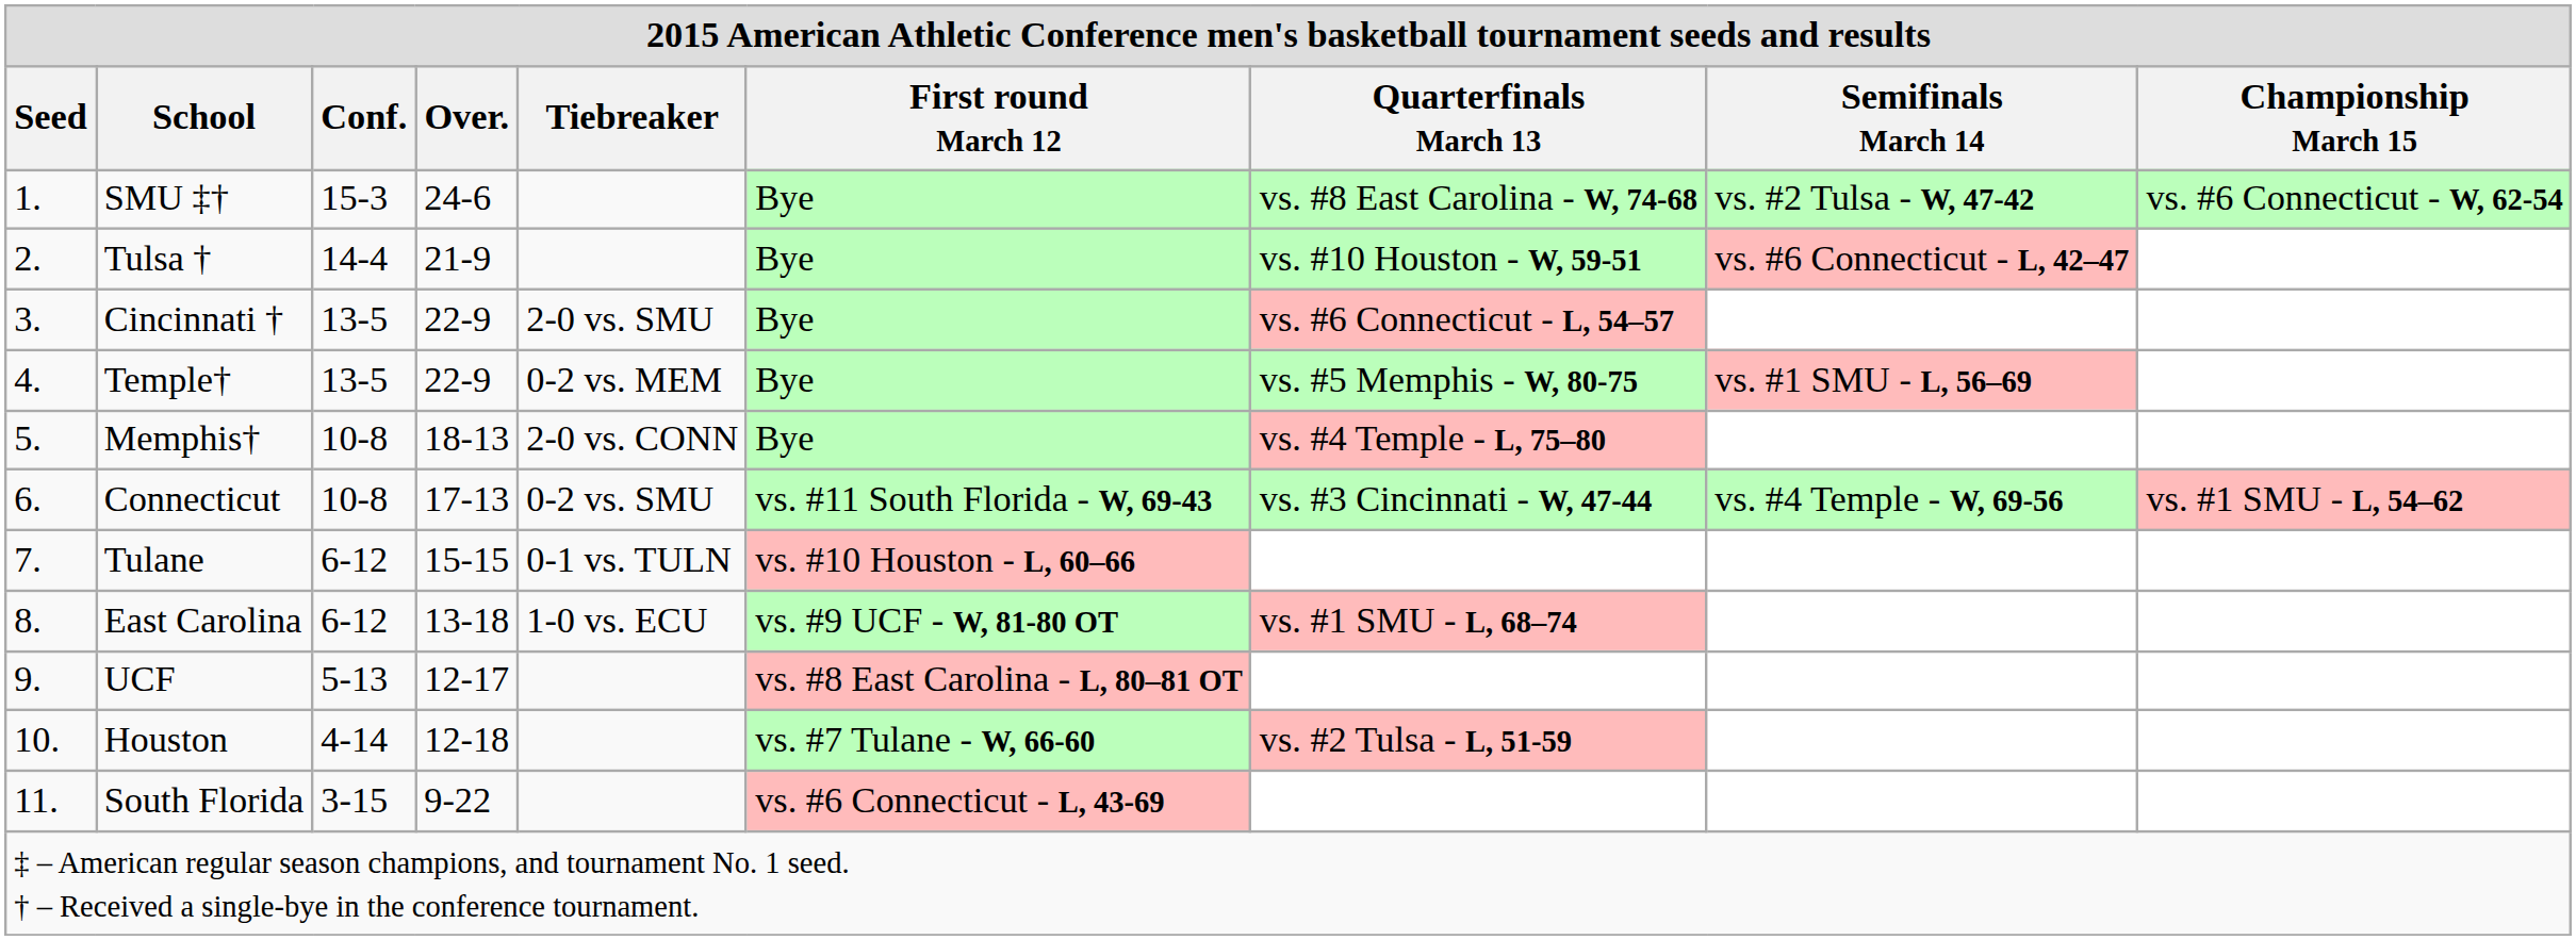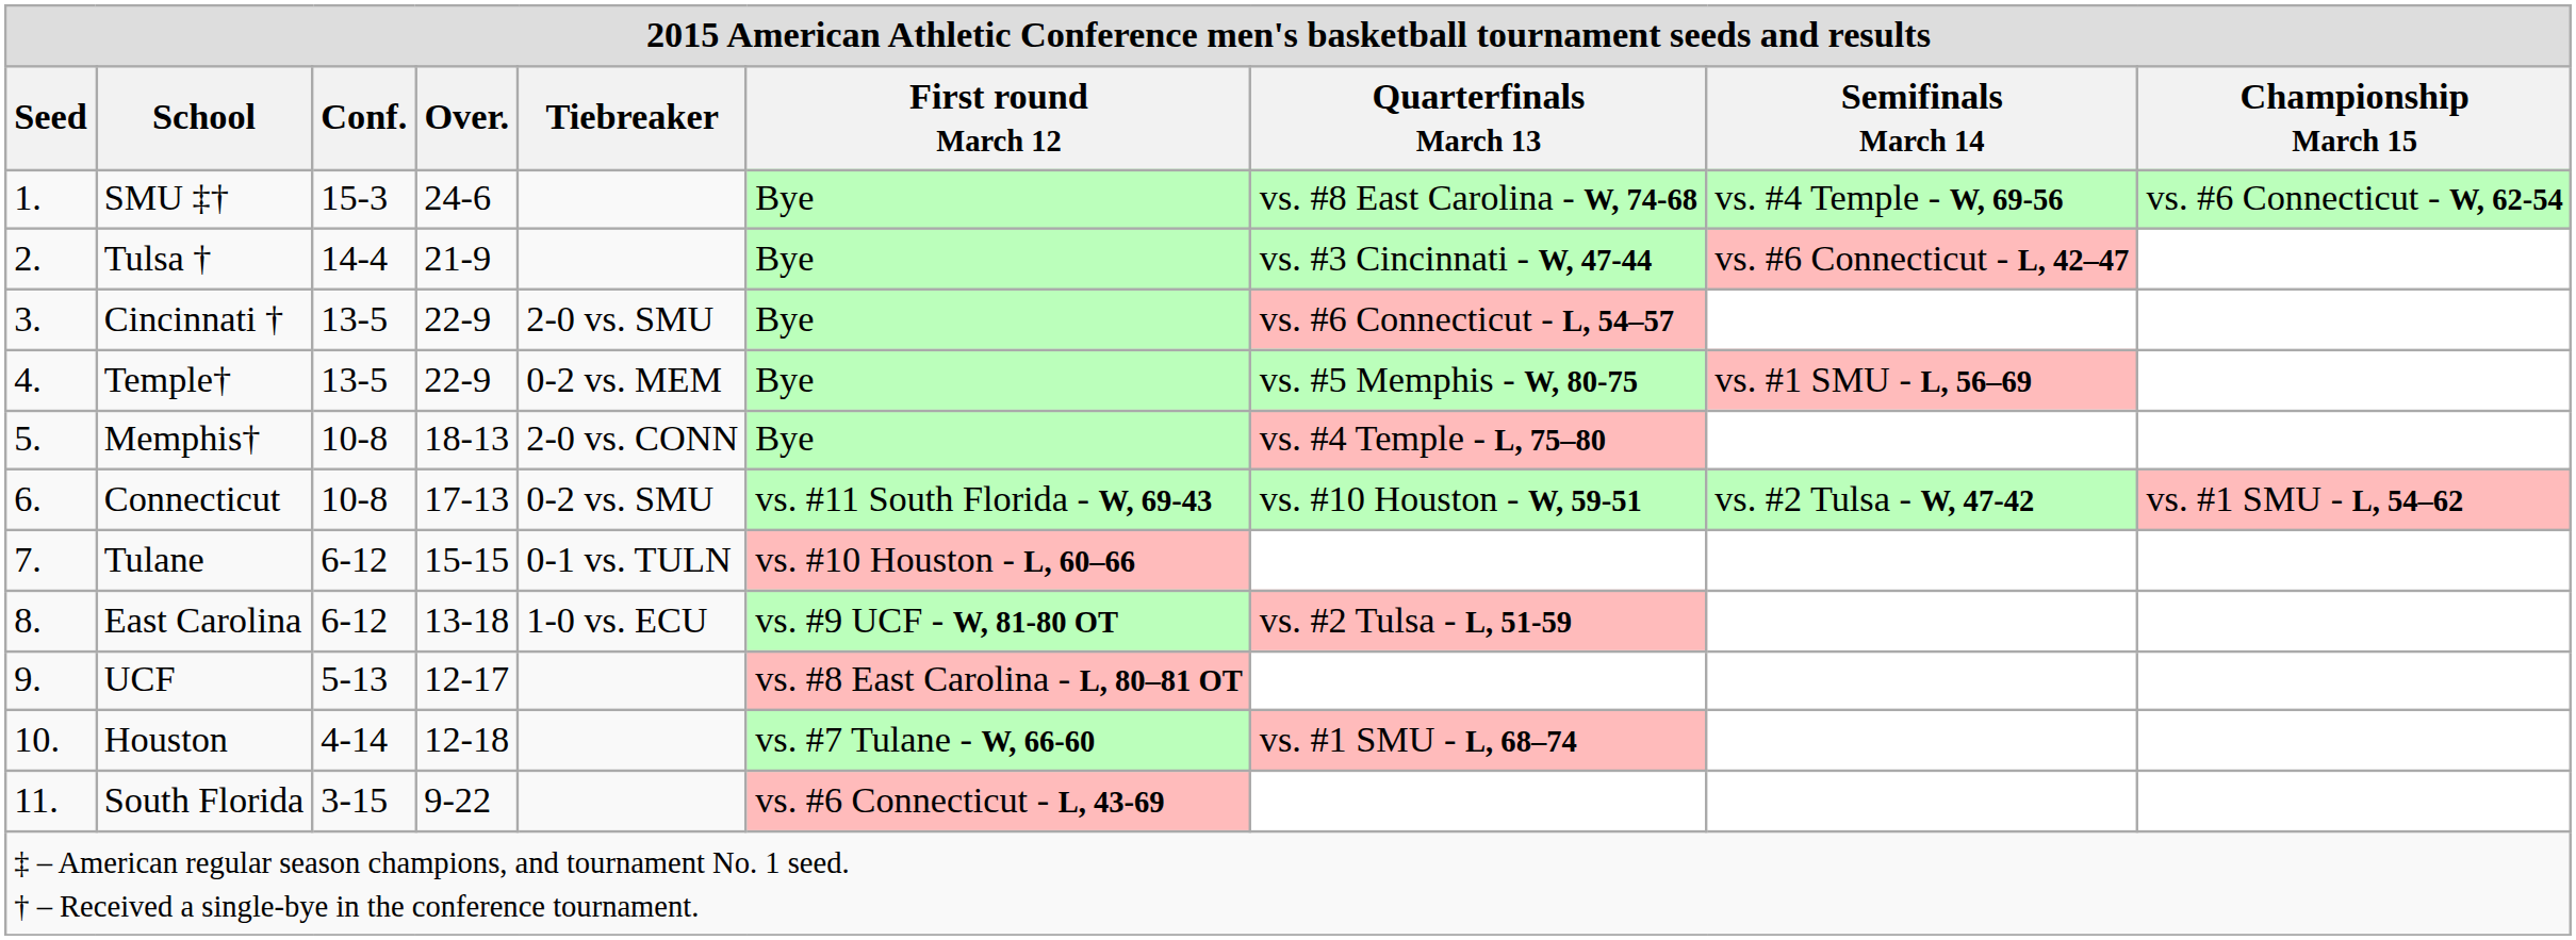 <table class="wikitable" style="white-space:nowrap; font-size:90%;">
 <tr>
 <td colspan="10" style="text-align:center; background:#DDDDDD; font:#000000"><strong>2015 American Athletic Conference men's basketball tournament seeds and results</strong></td>
 </tr>
 <tr bgcolor="#efefef">
 <th>Seed</th>
 <th>School</th>
 <th>Conf.</th>
 <th>Over.</th>
 <th>Tiebreaker</th>
 <th>First round<br><small>March 12</small></th>
 <th>Quarterfinals<br><small>March 13</small></th>
 <th>Semifinals<br><small>March 14</small></th>
 <th>Championship<br><small>March 15</small></th>
 </tr>
 <tr>
 <td>1.</td>
 <td>SMU ‡†</td>
 <td>15-3</td>
 <td>24-6</td>
 <td></td>
 <td style="background:#bfb;">Bye</td>
 <td style="background:#bfb;">vs. #8 East Carolina - <small><strong>W, 74-68</strong></small></td>
-<td style="background:#bfb;">vs. #2 Tulsa - <small><strong>W, 47-42</strong></small></td>
+<td style="background:#bfb;">vs. #4 Temple - <small><strong>W, 69-56</strong></small></td>
 <td style="background:#bfb;">vs. #6 Connecticut - <small><strong>W, 62-54</strong></small></td>
 </tr>
 <tr>
 <td>2.</td>
 <td>Tulsa †</td>
 <td>14-4</td>
 <td>21-9</td>
 <td></td>
 <td style="background:#bfb;">Bye</td>
-<td style="background:#bfb;">vs. #10 Houston - <small><strong>W, 59-51</strong></small></td>
+<td style="background:#bfb;">vs. #3 Cincinnati - <small><strong>W, 47-44</strong></small></td>
 <td style="background:#fbb;">vs. #6 Connecticut - <small><strong>L, 42–47</strong></small></td>
 <td style="background:#fff;"></td>
 </tr>
 <tr>
 <td>3.</td>
 <td>Cincinnati †</td>
 <td>13-5</td>
 <td>22-9</td>
 <td>2-0 vs. SMU</td>
 <td style="background:#bfb;">Bye</td>
 <td style="background:#fbb;">vs. #6 Connecticut - <small><strong>L, 54–57</strong></small></td>
 <td style="background:#fff;"></td>
 <td style="background:#fff;"></td>
 </tr>
 <tr>
 <td>4.</td>
 <td>Temple†</td>
 <td>13-5</td>
 <td>22-9</td>
 <td>0-2 vs. MEM</td>
 <td style="background:#bfb;">Bye</td>
 <td style="background:#bfb;">vs. #5 Memphis - <small><strong>W, 80-75</strong></small></td>
 <td style="background:#fbb;">vs. #1 SMU - <small><strong>L, 56–69</strong></small></td>
 <td style="background:#fff;"></td>
 </tr>
 <tr>
 <td>5.</td>
 <td>Memphis†</td>
 <td>10-8</td>
 <td>18-13</td>
 <td>2-0 vs. CONN</td>
 <td style="background:#bfb;">Bye</td>
 <td style="background:#fbb;">vs. #4 Temple - <small><strong>L, 75–80</strong></small></td>
 <td style="background:#fff;"></td>
 <td style="background:#fff;"></td>
 </tr>
 <tr>
 <td>6.</td>
 <td>Connecticut</td>
 <td>10-8</td>
 <td>17-13</td>
 <td>0-2 vs. SMU</td>
 <td style="background:#bfb;">vs. #11 South Florida - <small><strong>W, 69-43</strong></small></td>
-<td style="background:#bfb;">vs. #3 Cincinnati - <small><strong>W, 47-44</strong></small></td>
-<td style="background:#bfb;">vs. #4 Temple - <small><strong>W, 69-56</strong></small></td>
+<td style="background:#bfb;">vs. #10 Houston - <small><strong>W, 59-51</strong></small></td>
+<td style="background:#bfb;">vs. #2 Tulsa - <small><strong>W, 47-42</strong></small></td>
 <td style="background:#fbb;">vs. #1 SMU - <small><strong>L, 54–62</strong></small></td>
 </tr>
 <tr>
 <td>7.</td>
 <td>Tulane</td>
 <td>6-12</td>
 <td>15-15</td>
 <td>0-1 vs. TULN</td>
 <td style="background:#fbb;">vs. #10 Houston - <small><strong>L, 60–66</strong></small></td>
 <td style="background:#fff;"></td>
 <td style="background:#fff;"></td>
 <td style="background:#fff;"></td>
 </tr>
 <tr>
 <td>8.</td>
 <td>East Carolina</td>
 <td>6-12</td>
 <td>13-18</td>
 <td>1-0 vs. ECU</td>
 <td style="background:#bfb;">vs. #9 UCF - <small><strong>W, 81-80 OT</strong></small></td>
-<td style="background:#fbb;">vs. #1 SMU - <small><strong>L, 68–74</strong></small></td>
+<td style="background:#fbb;">vs. #2 Tulsa - <small><strong>L, 51-59</strong></small></td>
 <td style="background:#fff;"></td>
 <td style="background:#fff;"></td>
 </tr>
 <tr>
 <td>9.</td>
 <td>UCF</td>
 <td>5-13</td>
 <td>12-17</td>
 <td></td>
 <td style="background:#fbb;">vs. #8 East Carolina - <small><strong>L, 80–81 OT</strong></small></td>
 <td style="background:#fff;"></td>
 <td style="background:#fff;"></td>
 <td style="background:#fff;"></td>
 </tr>
 <tr>
 <td>10.</td>
 <td>Houston</td>
 <td>4-14</td>
 <td>12-18</td>
 <td></td>
 <td style="background:#bfb;">vs. #7 Tulane - <small><strong>W, 66-60</strong></small></td>
-<td style="background:#fbb;">vs. #2 Tulsa - <small><strong>L, 51-59</strong></small></td>
+<td style="background:#fbb;">vs. #1 SMU - <small><strong>L, 68–74</strong></small></td>
 <td style="background:#fff;"></td>
 <td style="background:#fff;"></td>
 </tr>
 <tr>
 <td>11.</td>
 <td>South Florida</td>
 <td>3-15</td>
 <td>9-22</td>
 <td></td>
 <td style="background:#fbb;">vs. #6 Connecticut - <small><strong>L, 43-69</strong></small></td>
 <td style="background:#fff;"></td>
 <td style="background:#fff;"></td>
 <td style="background:#fff;"></td>
 </tr>
 <tr>
 <td colspan="10" style="text-align:left;"><small>‡ – American regular season champions, and tournament No. 1 seed.<br>† – Received a single-bye in the conference tournament.</small></td>
 </tr>
 <tr>
 </tr>
 </table>
